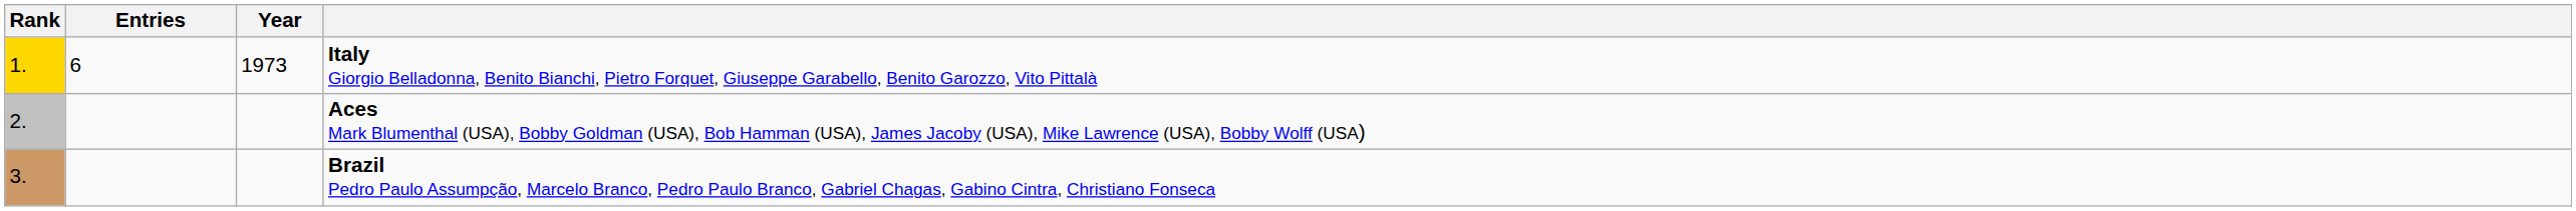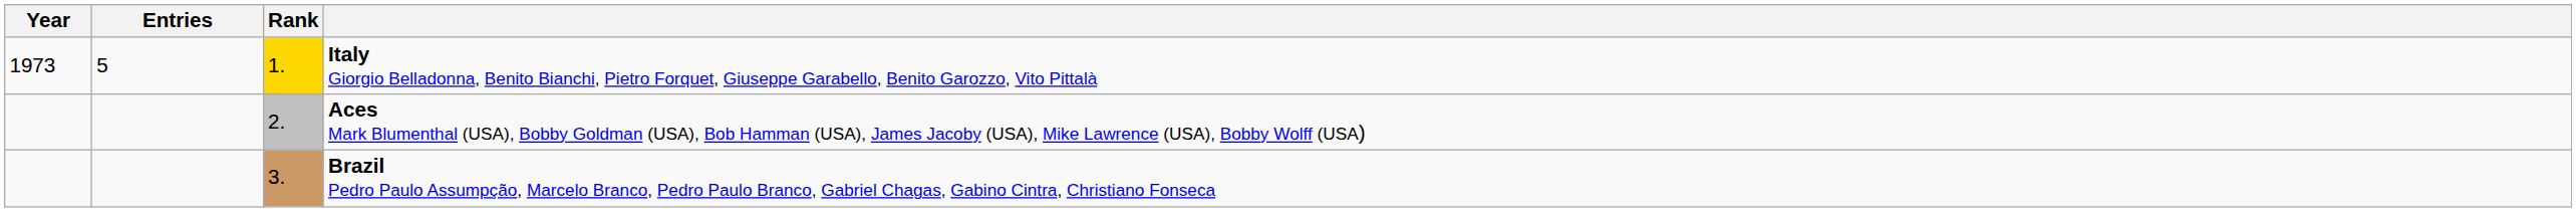 <table class="wikitable" style="width:100%;">
 <tr>
+<th>Year</th>
+<th>Entries</th>
 <th>Rank</th>
-<th>Entries</th>
-<th>Year</th>
 <th></th>
 </tr>
 <tr>
+<td width=60>1973</td>
+<td>5</td>
 <td style="background:gold; width:30px;">1.</td>
-<td>6</td>
-<td width=60>1973</td>
 <td> <strong>Italy</strong><br><small><a href='#'>Giorgio Belladonna</a>, <a href='#'>Benito Bianchi</a>, <a href='#'>Pietro Forquet</a>, <a href='#'>Giuseppe Garabello</a>, <a href='#'>Benito Garozzo</a>, <a href='#'>Vito Pittalà</a></small></td>
 </tr>
 <tr>
-<td style="background:silver;">2.</td>
 <td></td>
 <td></td>
+<td style="background:silver;">2.</td>
 <td> <strong>Aces</strong><br><small><a href='#'>Mark Blumenthal</a> (USA), <a href='#'>Bobby Goldman</a> (USA), <a href='#'>Bob Hamman</a> (USA), <a href='#'>James Jacoby</a> (USA), <a href='#'>Mike Lawrence</a> (USA), <a href='#'>Bobby Wolff</a> (USA</small>)</td>
 </tr>
 <tr>
-<td style="background:#c96;">3.</td>
 <td></td>
 <td></td>
+<td style="background:#c96;">3.</td>
 <td> <strong>Brazil</strong><br><small><a href='#'>Pedro Paulo Assumpção</a>, <a href='#'>Marcelo Branco</a>, <a href='#'>Pedro Paulo Branco</a>, <a href='#'>Gabriel Chagas</a>, <a href='#'>Gabino Cintra</a>, <a href='#'>Christiano Fonseca</a></small></td>
 </tr>
 </table>
